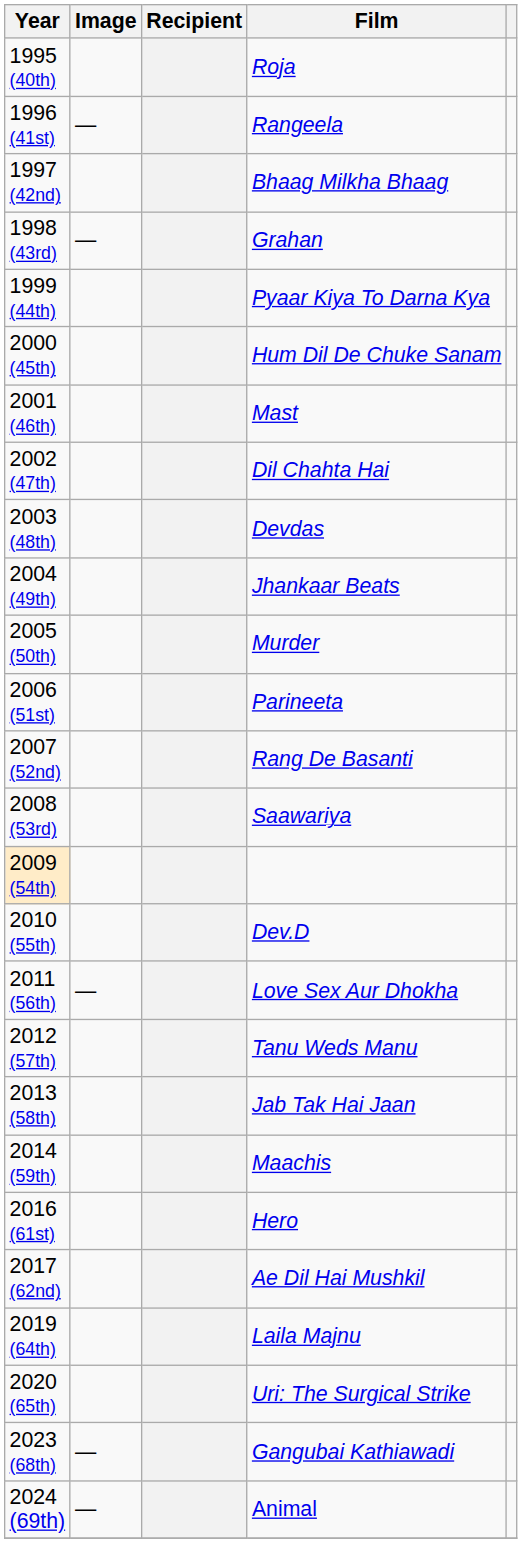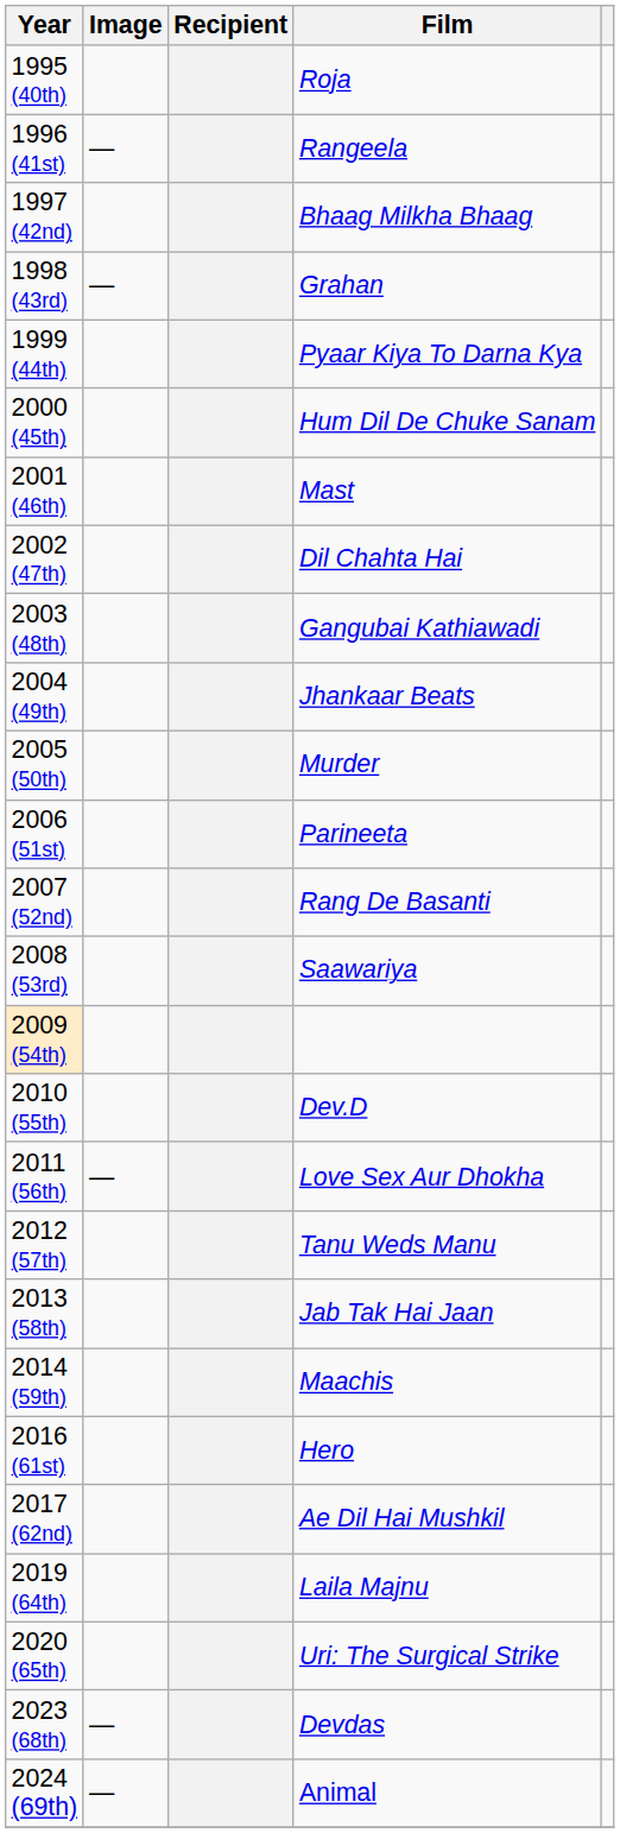 <table class="wikitable sortable plainrowheaders">
 <tr>
 <th scope="col">Year</th>
 <th scope="col" class="unsortable">Image</th>
 <th scope="col">Recipient</th>
 <th scope="col">Film</th>
 <th scope="col" class="unsortable"></th>
 </tr>
 <tr>
 <td>1995<br><small><a href='#'>(40th)</a></small></td>
 <td></td>
 <th scope="row"></th>
 <td><em><a href='#'>Roja</a></em></td>
 <td></td>
 </tr>
 <tr>
 <td>1996<br><small><a href='#'>(41st)</a></small></td>
 <td>—</td>
 <th scope="row"></th>
 <td><em><a href='#'>Rangeela</a></em></td>
 <td></td>
 </tr>
 <tr>
 <td>1997<br><small><a href='#'>(42nd)</a></small></td>
 <td></td>
 <th scope="row"></th>
 <td><em><a href='#'>Bhaag Milkha Bhaag</a></em></td>
 <td></td>
 </tr>
 <tr>
 <td>1998<br><small><a href='#'>(43rd)</a></small></td>
 <td>—</td>
 <th scope="row"></th>
 <td><em><a href='#'>Grahan</a></em></td>
 <td></td>
 </tr>
 <tr>
 <td>1999<br><small><a href='#'>(44th)</a></small></td>
 <td></td>
 <th scope="row"></th>
 <td><em><a href='#'>Pyaar Kiya To Darna Kya</a></em></td>
 <td></td>
 </tr>
 <tr>
 <td>2000<br><small><a href='#'>(45th)</a></small></td>
 <td></td>
 <th scope="row"></th>
 <td><em><a href='#'>Hum Dil De Chuke Sanam</a></em></td>
 <td></td>
 </tr>
 <tr>
 <td>2001<br><small><a href='#'>(46th)</a></small></td>
 <td></td>
 <th scope="row"></th>
 <td><em><a href='#'>Mast</a></em></td>
 <td></td>
 </tr>
 <tr>
 <td>2002<br><small><a href='#'>(47th)</a></small></td>
 <td></td>
 <th scope="row"></th>
 <td><em><a href='#'>Dil Chahta Hai</a></em></td>
 <td></td>
 </tr>
 <tr>
 <td>2003<br><small><a href='#'>(48th)</a></small></td>
 <td></td>
 <th scope="row"></th>
-<td><em><a href='#'>Devdas</a></em></td>
+<td><em><a href='#'>Gangubai Kathiawadi</a></em></td>
 <td></td>
 </tr>
 <tr>
 <td>2004<br><small><a href='#'>(49th)</a></small></td>
 <td></td>
 <th scope="row"></th>
 <td><em><a href='#'>Jhankaar Beats</a></em></td>
 <td></td>
 </tr>
 <tr>
 <td>2005<br><small><a href='#'>(50th)</a></small></td>
 <td></td>
 <th scope="row"></th>
 <td><em><a href='#'>Murder</a></em></td>
 <td></td>
 </tr>
 <tr>
 <td>2006<br><small><a href='#'>(51st)</a></small></td>
 <td></td>
 <th scope="row"></th>
 <td><em><a href='#'>Parineeta</a></em></td>
 <td></td>
 </tr>
 <tr>
 <td>2007<br><small><a href='#'>(52nd)</a></small></td>
 <td></td>
 <th scope="row"></th>
 <td><em><a href='#'>Rang De Basanti</a></em></td>
 <td></td>
 </tr>
 <tr>
 <td>2008<br><small><a href='#'>(53rd)</a></small></td>
 <td></td>
 <th scope="row"></th>
 <td><em><a href='#'>Saawariya</a></em></td>
 <td></td>
 </tr>
 <tr>
 <td style="background:#ffecc8;">2009<br><small><a href='#'>(54th)</a></small> </td>
 <td></td>
 <th scope="row"></th>
 <td></td>
 <td></td>
 </tr>
 <tr>
 <td>2010<br><small><a href='#'>(55th)</a></small></td>
 <td></td>
 <th scope="row"></th>
 <td><em><a href='#'>Dev.D</a></em></td>
 <td></td>
 </tr>
 <tr>
 <td>2011<br><small><a href='#'>(56th)</a></small></td>
 <td>—</td>
 <th scope="row"></th>
 <td><em><a href='#'>Love Sex Aur Dhokha</a></em></td>
 <td></td>
 </tr>
 <tr>
 <td>2012<br><small><a href='#'>(57th)</a></small></td>
 <td></td>
 <th scope="row"></th>
 <td><em><a href='#'>Tanu Weds Manu</a></em></td>
 <td></td>
 </tr>
 <tr>
 <td>2013<br><small><a href='#'>(58th)</a></small></td>
 <td></td>
 <th scope="row"></th>
 <td><em><a href='#'>Jab Tak Hai Jaan</a></em></td>
 <td></td>
 </tr>
 <tr>
 <td>2014<br><small><a href='#'>(59th)</a></small></td>
 <td></td>
 <th scope="row"></th>
 <td><em><a href='#'>Maachis</a></em></td>
 <td></td>
 </tr>
 <tr>
 <td>2016<br><small><a href='#'>(61st)</a></small></td>
 <td></td>
 <th scope="row"></th>
 <td><em><a href='#'>Hero</a></em></td>
 <td></td>
 </tr>
 <tr>
 <td>2017<br><small><a href='#'>(62nd)</a></small></td>
 <td></td>
 <th scope="row"></th>
 <td><em><a href='#'>Ae Dil Hai Mushkil</a></em></td>
 <td></td>
 </tr>
 <tr>
 <td>2019<br><small><a href='#'>(64th)</a></small></td>
 <td></td>
 <th scope="row"></th>
 <td><em><a href='#'>Laila Majnu</a></em></td>
 <td></td>
 </tr>
 <tr>
 <td>2020<br><small><a href='#'>(65th)</a></small></td>
 <td></td>
 <th scope="row"></th>
 <td><em><a href='#'>Uri: The Surgical Strike</a></em></td>
 <td></td>
 </tr>
 <tr>
 <td>2023<br><small><a href='#'>(68th)</a></small></td>
 <td>—</td>
 <th scope="row"></th>
-<td><em><a href='#'>Gangubai Kathiawadi</a></em></td>
+<td><em><a href='#'>Devdas</a></em></td>
 <td></td>
 </tr>
 <tr>
 <td>2024<br><a href='#'>(69th)</a></td>
 <td>—</td>
 <th scope="row"></th>
 <td><a href='#'>Animal</a></td>
 <td></td>
 </tr>
 <tr>
 </tr>
 </table>
